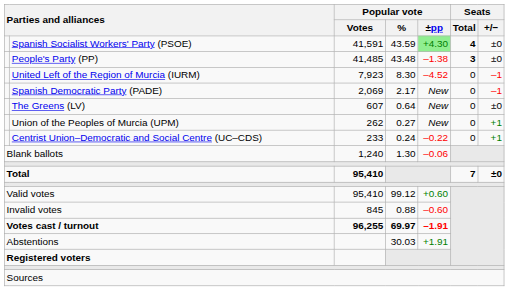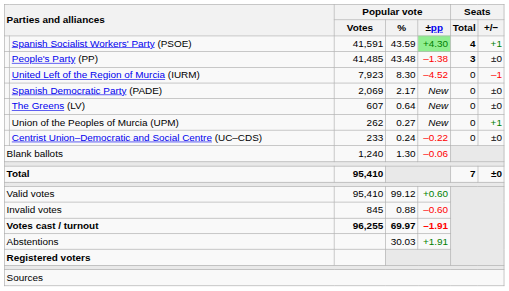 <table class="wikitable" style="text-align:right;">
 <tr>
 <th style="text-align:left;" rowspan="2" colspan="2" width="525">Parties and alliances</th>
 <th colspan="3">Popular vote</th>
 <th colspan="2">Seats</th>
 </tr>
 <tr>
 <th width="75">Votes</th>
 <th width="45">%</th>
 <th width="45">±<a href='#'>pp</a></th>
 <th width="35">Total</th>
 <th width="35">+/−</th>
 </tr>
 <tr>
 <td width="1" style="color:inherit;background:"></td>
 <td align="left"><a href='#'>Spanish Socialist Workers' Party</a> (PSOE)</td>
 <td>41,591</td>
 <td>43.59</td>
 <td style="background: lightgreen; color:green;">+4.30</td>
 <td><strong>4</strong></td>
-<td>±0</td>
+<td style="color:green;">+1</td>
 </tr>
 <tr>
 <td style="color:inherit;background:"></td>
 <td align="left"><a href='#'>People's Party</a> (PP)</td>
 <td>41,485</td>
 <td>43.48</td>
 <td style="color:red;">–1.38</td>
 <td><strong>3</strong></td>
 <td>±0</td>
 </tr>
 <tr>
 <td style="color:inherit;background:"></td>
 <td align="left"><a href='#'>United Left of the Region of Murcia</a> (IURM)</td>
 <td>7,923</td>
 <td>8.30</td>
 <td style="color:red;">–4.52</td>
 <td>0</td>
 <td style="color:red;">–1</td>
 </tr>
 <tr>
 <td style="color:inherit;background:"></td>
 <td align="left"><a href='#'>Spanish Democratic Party</a> (PADE)</td>
 <td>2,069</td>
 <td>2.17</td>
 <td><em>New</em></td>
 <td>0</td>
-<td style="color:red;">–1</td>
+<td>±0</td>
 </tr>
 <tr>
 <td style="color:inherit;background:"></td>
 <td align="left"><a href='#'>The Greens</a> (LV)</td>
 <td>607</td>
 <td>0.64</td>
 <td><em>New</em></td>
 <td>0</td>
 <td>±0</td>
 </tr>
 <tr>
 <td style="color:inherit;background:"></td>
 <td align="left">Union of the Peoples of Murcia (UPM)</td>
 <td>262</td>
 <td>0.27</td>
 <td><em>New</em></td>
 <td>0</td>
 <td style="color:green;">+1</td>
 </tr>
 <tr>
 <td style="color:inherit;background:"></td>
 <td align="left"><a href='#'>Centrist Union–Democratic and Social Centre</a> (UC–CDS)</td>
 <td>233</td>
 <td>0.24</td>
 <td style="color:red;">–0.22</td>
 <td>0</td>
-<td style="color:green;">+1</td>
+<td>±0</td>
 </tr>
 <tr>
 <td align="left" colspan="2">Blank ballots</td>
 <td>1,240</td>
 <td>1.30</td>
 <td style="color:red;">–0.06</td>
 <td bgcolor="#E9E9E9" colspan="2"></td>
 </tr>
 <tr>
 <td colspan="7" bgcolor="#E9E9E9"></td>
 </tr>
 <tr style="font-weight:bold;">
 <td align="left" colspan="2">Total</td>
 <td>95,410</td>
 <td bgcolor="#E9E9E9" colspan="2"></td>
 <td>7</td>
 <td>±0</td>
 </tr>
 <tr>
 <td colspan="7" bgcolor="#E9E9E9"></td>
 </tr>
 <tr>
 <td align="left" colspan="2">Valid votes</td>
 <td>95,410</td>
 <td>99.12</td>
 <td style="color:green;">+0.60</td>
 <td bgcolor="#E9E9E9" colspan="2" rowspan="5"></td>
 </tr>
 <tr>
 <td align="left" colspan="2">Invalid votes</td>
 <td>845</td>
 <td>0.88</td>
 <td style="color:red;">–0.60</td>
 </tr>
 <tr style="font-weight:bold;">
 <td align="left" colspan="2">Votes cast / turnout</td>
 <td>96,255</td>
 <td>69.97</td>
 <td style="color:red;">–1.91</td>
 </tr>
 <tr>
 <td align="left" colspan="2">Abstentions</td>
 <td></td>
 <td>30.03</td>
 <td style="color:green;">+1.91</td>
 </tr>
 <tr style="font-weight:bold;">
 <td align="left" colspan="2">Registered voters</td>
 <td></td>
 <td bgcolor="#E9E9E9" colspan="2"></td>
 </tr>
 <tr>
 <td colspan="7" bgcolor="#E9E9E9"></td>
 </tr>
 <tr>
 <td align="left" colspan="7">Sources</td>
 </tr>
 </table>
